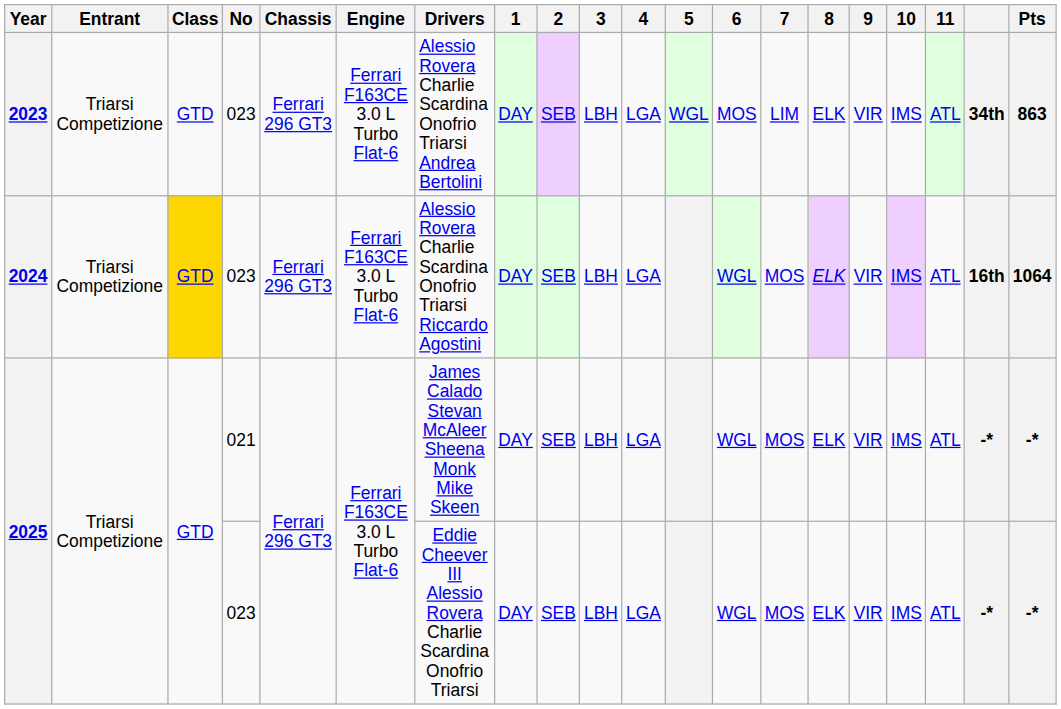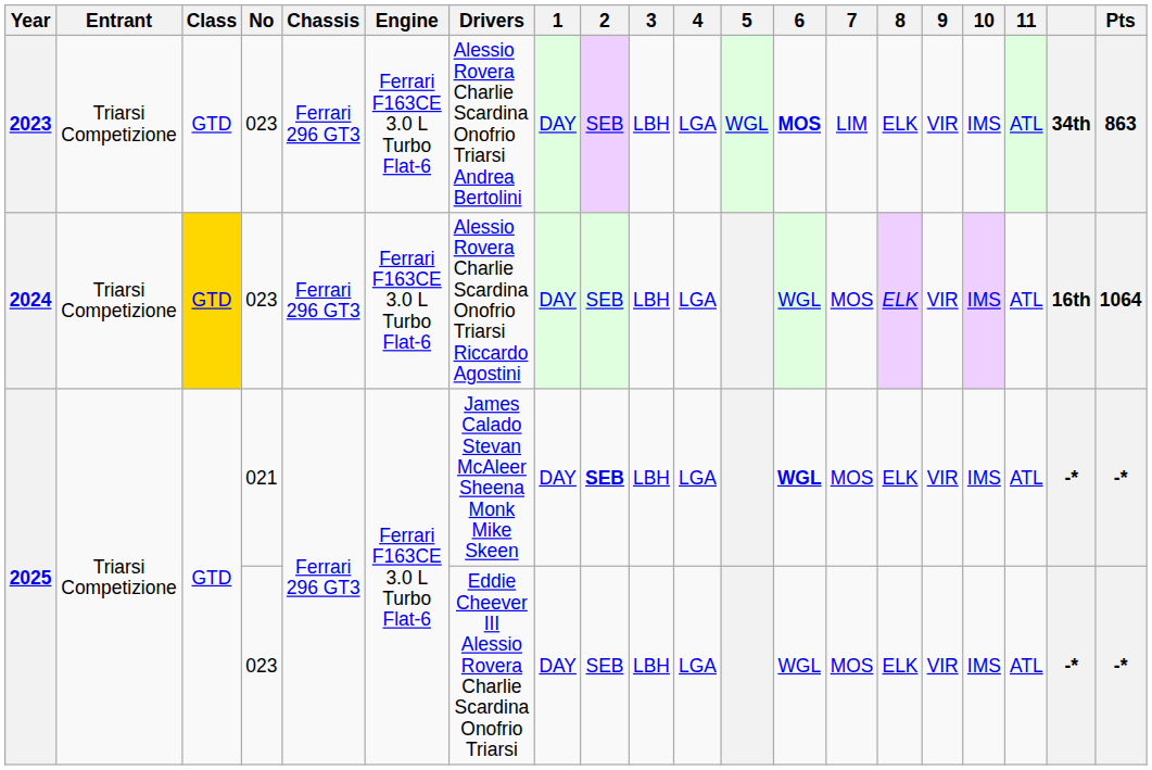 <table class="wikitable" style="font-size: 90%; text-align:center">
 <tr>
 <th>Year</th>
 <th>Entrant</th>
 <th>Class</th>
 <th>No</th>
 <th>Chassis</th>
 <th>Engine</th>
 <th>Drivers</th>
 <th>1</th>
 <th>2</th>
 <th>3</th>
 <th>4</th>
 <th>5</th>
 <th>6</th>
 <th>7</th>
 <th>8</th>
 <th>9</th>
 <th>10</th>
 <th>11</th>
 <th></th>
 <th>Pts</th>
 </tr>
 <tr>
 <th><a href='#'>2023</a></th>
 <td> Triarsi Competizione</td>
 <td><a href='#'>GTD</a></td>
 <td>023</td>
 <td><a href='#'>Ferrari 296 GT3</a></td>
 <td><a href='#'>Ferrari</a> <a href='#'>F163CE</a> 3.0 L Turbo <a href='#'>Flat-6</a></td>
 <td align="left"> <a href='#'>Alessio Rovera</a><br> Charlie Scardina<br> Onofrio Triarsi<br> <a href='#'>Andrea Bertolini</a></td>
 <td style="background:#DFFFDF;"><a href='#'>DAY</a><br></td>
 <td style="background:#EFCFFF;"><a href='#'>SEB</a><br></td>
 <td style="background:#;"><a href='#'>LBH</a><br></td>
 <td style="background:#;"><a href='#'>LGA</a><br></td>
 <td style="background:#DFFFDF;"><a href='#'>WGL</a><br></td>
-<td style="background:#;"><a href='#'>MOS</a><br></td>
+<td style="background:#;"><strong><a href='#'>MOS</a><br></strong></td>
 <td style="background:#;"><a href='#'>LIM</a><br></td>
 <td style="background:#;"><a href='#'>ELK</a><br></td>
 <td style="background:#;"><a href='#'>VIR</a><br></td>
 <td style="background:#;"><a href='#'>IMS</a><br></td>
 <td style="background:#DFFFDF;"><a href='#'>ATL</a><br></td>
 <th>34th</th>
 <th>863</th>
 </tr>
 <tr>
 <th><a href='#'>2024</a></th>
 <td> Triarsi Competizione</td>
 <td style="background: gold;"><a href='#'>GTD</a></td>
 <td>023</td>
 <td><a href='#'>Ferrari 296 GT3</a></td>
 <td><a href='#'>Ferrari</a> <a href='#'>F163CE</a> 3.0 L Turbo <a href='#'>Flat-6</a></td>
 <td align="left"> <a href='#'>Alessio Rovera</a><br> Charlie Scardina<br> Onofrio Triarsi<br> <a href='#'>Riccardo Agostini</a></td>
 <td style="background:#DFFFDF;"><a href='#'>DAY</a><br></td>
 <td style="background:#DFFFDF;"><a href='#'>SEB</a><br></td>
 <td style="background:#;"><a href='#'>LBH</a><br></td>
 <td style="background:#;"><a href='#'>LGA</a><br></td>
 <th></th>
 <td style="background:#DFFFDF;"><a href='#'>WGL</a><br></td>
 <td style="background:#;"><a href='#'>MOS</a><br></td>
 <td style="background:#EFCFFF;"><em><a href='#'>ELK</a></em><br></td>
 <td style="background:#;"><a href='#'>VIR</a><br></td>
 <td style="background:#EFCFFF;"><a href='#'>IMS</a><br></td>
 <td style="background:#;"><a href='#'>ATL</a><br></td>
 <th>16th</th>
 <th>1064</th>
 </tr>
 <tr>
 <th rowspan="2"><a href='#'>2025</a></th>
 <td rowspan="2"> Triarsi Competizione</td>
 <td rowspan="2"><a href='#'>GTD</a></td>
 <td>021</td>
 <td rowspan="2"><a href='#'>Ferrari 296 GT3</a></td>
 <td rowspan="2"><a href='#'>Ferrari</a> <a href='#'>F163CE</a> 3.0 L Turbo <a href='#'>Flat-6</a></td>
 <td> <a href='#'>James Calado</a><br> <a href='#'>Stevan McAleer</a><br> <a href='#'>Sheena Monk</a><br> <a href='#'>Mike Skeen</a></td>
 <td style="background:#;"><a href='#'>DAY</a><br></td>
-<td style="background:#;"><a href='#'>SEB</a><br></td>
+<td style="background:#;"><strong><a href='#'>SEB</a><br></strong></td>
 <td style="background:#;"><a href='#'>LBH</a><br></td>
 <td style="background:#;"><a href='#'>LGA</a><br></td>
 <th></th>
-<td style="background:#;"><a href='#'>WGL</a><br></td>
+<td style="background:#;"><strong><a href='#'>WGL</a><br></strong></td>
 <td style="background:#;"><a href='#'>MOS</a><br></td>
 <td style="background:#;"><a href='#'>ELK</a><br></td>
 <td style="background:#;"><a href='#'>VIR</a><br></td>
 <td style="background:#;"><a href='#'>IMS</a><br></td>
 <td style="background:#;"><a href='#'>ATL</a><br></td>
 <th>-*</th>
 <th>-*</th>
 </tr>
 <tr>
 <td>023</td>
 <td> <a href='#'>Eddie Cheever III</a><br> <a href='#'>Alessio Rovera</a><br> Charlie Scardina<br> Onofrio Triarsi</td>
 <td style="background:#;"><a href='#'>DAY</a><br></td>
 <td style="background:#;"><a href='#'>SEB</a><br></td>
 <td style="background:#;"><a href='#'>LBH</a><br></td>
 <td style="background:#;"><a href='#'>LGA</a><br></td>
 <th></th>
 <td style="background:#;"><a href='#'>WGL</a><br></td>
 <td style="background:#;"><a href='#'>MOS</a><br></td>
 <td style="background:#;"><a href='#'>ELK</a><br></td>
 <td style="background:#;"><a href='#'>VIR</a><br></td>
 <td style="background:#;"><a href='#'>IMS</a><br></td>
 <td style="background:#;"><a href='#'>ATL</a><br></td>
 <th>-*</th>
 <th>-*</th>
 </tr>
 </table>
